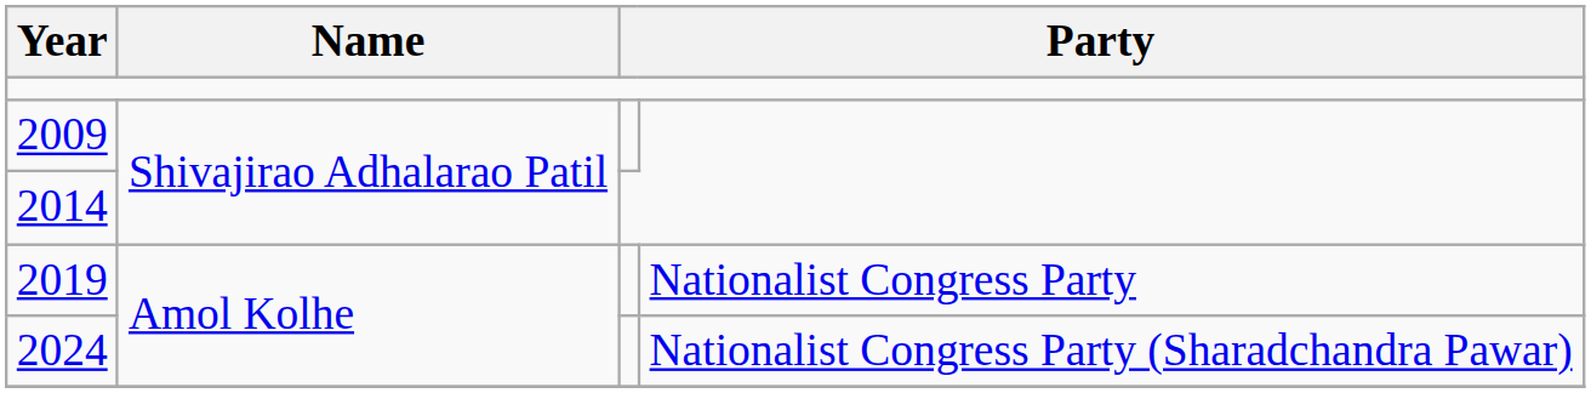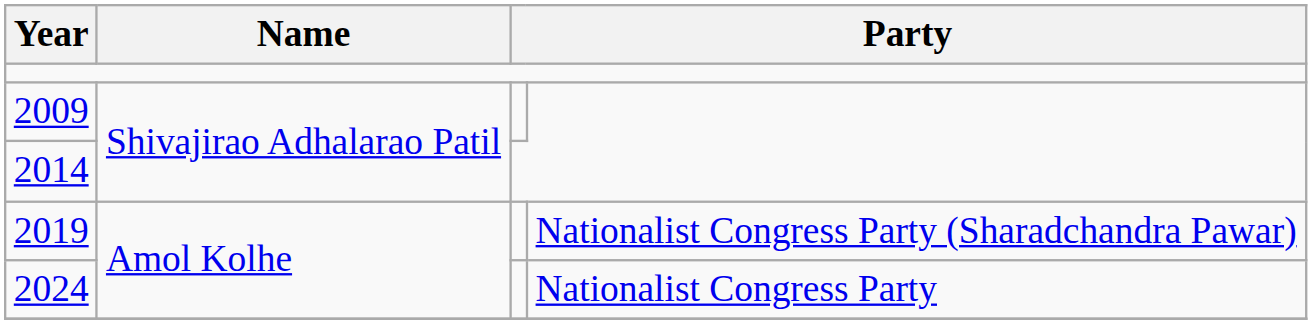 <table class="wikitable">
 <tr>
 <th>Year</th>
 <th>Name</th>
 <th colspan="2">Party</th>
 </tr>
 <tr>
 <td colspan="4"></td>
 </tr>
 <tr>
 <td><a href='#'>2009</a></td>
 <td rowspan="2"><a href='#'>Shivajirao Adhalarao Patil</a></td>
 <td></td>
 </tr>
 <tr>
 <td><a href='#'>2014</a></td>
 </tr>
 <tr>
 <td><a href='#'>2019</a></td>
 <td rowspan="2"><a href='#'>Amol Kolhe</a></td>
 <td style="background-color: "></td>
-<td><a href='#'>Nationalist Congress Party</a></td>
+<td><a href='#'>Nationalist Congress Party (Sharadchandra Pawar)</a></td>
 </tr>
 <tr>
 <td><a href='#'>2024</a></td>
 <td style="background-color: "></td>
-<td><a href='#'>Nationalist Congress Party (Sharadchandra Pawar)</a></td>
+<td><a href='#'>Nationalist Congress Party</a></td>
 </tr>
 <tr>
 </tr>
 </table>
